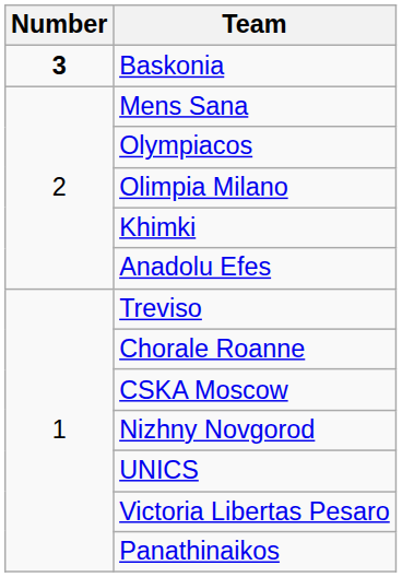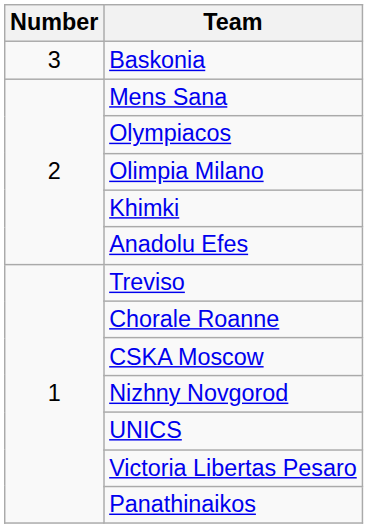 <table class="wikitable sortable">
 <tr>
 <th>Number</th>
 <th>Team</th>
 </tr>
 <tr>
-<td style="text-align:center;"><strong>3</strong></td>
+<td style="text-align:center;">3</td>
 <td> <a href='#'>Baskonia</a></td>
 </tr>
 <tr>
 <td rowspan="5" style="text-align:center;">2</td>
 <td> <a href='#'>Mens Sana</a></td>
 </tr>
 <tr>
 <td> <a href='#'>Olympiacos</a></td>
 </tr>
 <tr>
 <td> <a href='#'>Olimpia Milano</a></td>
 </tr>
 <tr>
 <td> <a href='#'>Khimki</a></td>
 </tr>
 <tr>
 <td> <a href='#'>Anadolu Efes</a></td>
 </tr>
 <tr>
 <td rowspan="7" style="text-align:center;">1</td>
 <td> <a href='#'>Treviso</a></td>
 </tr>
 <tr>
 <td> <a href='#'>Chorale Roanne</a></td>
 </tr>
 <tr>
 <td> <a href='#'>CSKA Moscow</a></td>
 </tr>
 <tr>
 <td> <a href='#'>Nizhny Novgorod</a></td>
 </tr>
 <tr>
 <td> <a href='#'>UNICS</a></td>
 </tr>
 <tr>
 <td> <a href='#'>Victoria Libertas Pesaro</a></td>
 </tr>
 <tr>
 <td> <a href='#'>Panathinaikos</a></td>
 </tr>
 </table>
